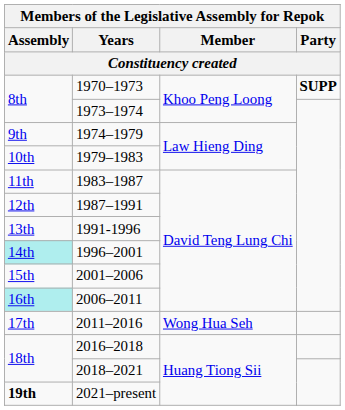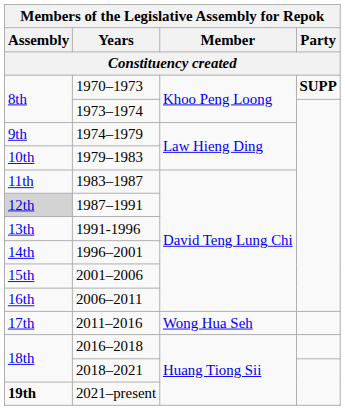 <table class=wikitable>
 <tr>
 <th colspan="4">Members of the Legislative Assembly for Repok</th>
 </tr>
 <tr>
 <th>Assembly</th>
 <th>Years</th>
 <th>Member</th>
 <th>Party</th>
 </tr>
 <tr>
 <th colspan=4 align=center><em>Constituency created</em></th>
 </tr>
 <tr>
 <td rowspan=2><a href='#'>8th</a></td>
 <td>1970–1973</td>
 <td rowspan=2><a href='#'>Khoo Peng Loong</a></td>
 <td><strong>SUPP</strong></td>
 </tr>
 <tr>
 <td>1973–1974</td>
 <td rowspan=9></td>
 </tr>
 <tr>
 <td><a href='#'>9th</a></td>
 <td>1974–1979</td>
 <td rowspan="2"><a href='#'>Law Hieng Ding</a></td>
 </tr>
 <tr>
 <td><a href='#'>10th</a></td>
 <td>1979–1983</td>
 </tr>
 <tr>
 <td><a href='#'>11th</a></td>
 <td>1983–1987</td>
 <td rowspan=6><a href='#'>David Teng Lung Chi</a></td>
 </tr>
 <tr>
-<td><a href='#'>12th</a></td>
+<td style="background: lightgrey;"><a href='#'>12th</a></td>
 <td>1987–1991</td>
 </tr>
 <tr>
 <td><a href='#'>13th</a></td>
 <td>1991-1996</td>
 </tr>
 <tr>
-<td style="background: paleturquoise;"><a href='#'>14th</a></td>
+<td><a href='#'>14th</a></td>
 <td>1996–2001</td>
 </tr>
 <tr>
 <td><a href='#'>15th</a></td>
 <td>2001–2006</td>
 </tr>
 <tr>
-<td style="background: paleturquoise;"><a href='#'>16th</a></td>
+<td><a href='#'>16th</a></td>
 <td>2006–2011</td>
 </tr>
 <tr>
 <td><a href='#'>17th</a></td>
 <td>2011–2016</td>
 <td><a href='#'>Wong Hua Seh</a></td>
 <td></td>
 </tr>
 <tr>
 <td rowspan="2"><a href='#'>18th</a></td>
 <td>2016–2018</td>
 <td rowspan="3"><a href='#'>Huang Tiong Sii</a></td>
 <td></td>
 </tr>
 <tr>
 <td>2018–2021</td>
 <td rowspan=2></td>
 </tr>
 <tr>
 <td><strong>19th</strong></td>
 <td>2021–present</td>
 </tr>
 </table>
